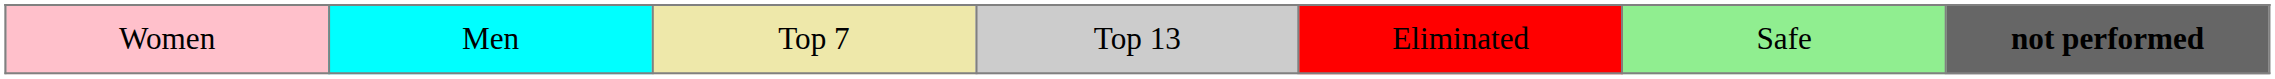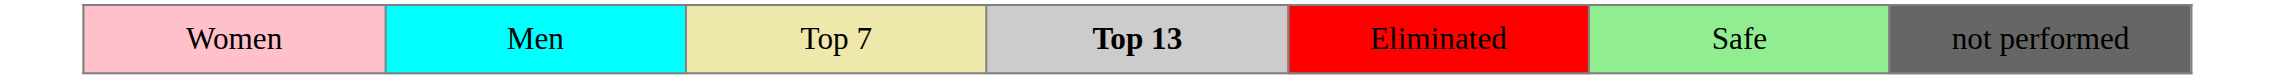 <table border="2" cellpadding="8" style="background:silver; border:1px solid gray; border-collapse:collapse; margin:1em auto; text-align:center;">
 <tr>
 </tr>
 <tr>
 <td style="background:pink; width:10%;">Women</td>
 <td style="background:cyan; width:10%;">Men</td>
 <td style="background:palegoldenrod; width:10%;">Top 7</td>
-<td style="background:#ccc; width:10%;">Top 13</td>
+<td style="background:#ccc; width:10%;"><strong>Top 13</strong></td>
 <td style="background:red; width:10%;"><span>Eliminated</span></td>
 <td style="background:lightgreen; width:10%;">Safe</td>
-<td style="background:#666; width:10%;"><strong><span>not performed</span></strong></td>
+<td style="background:#666; width:10%;"><span>not performed</span></td>
 </tr>
 </table>
